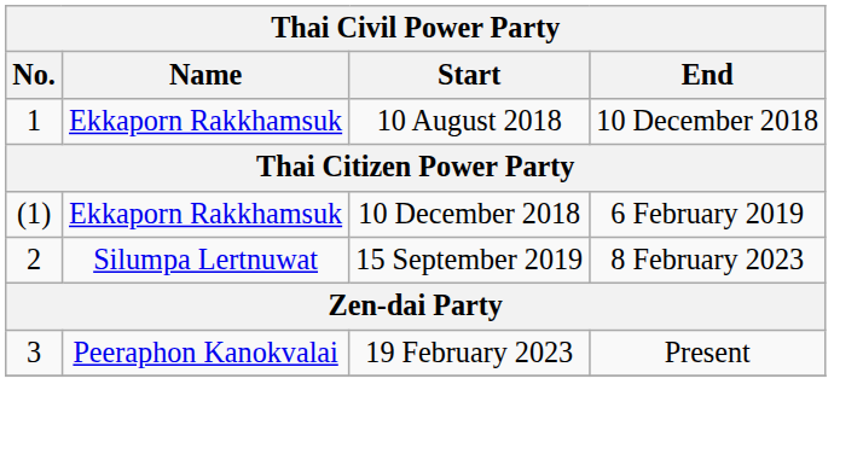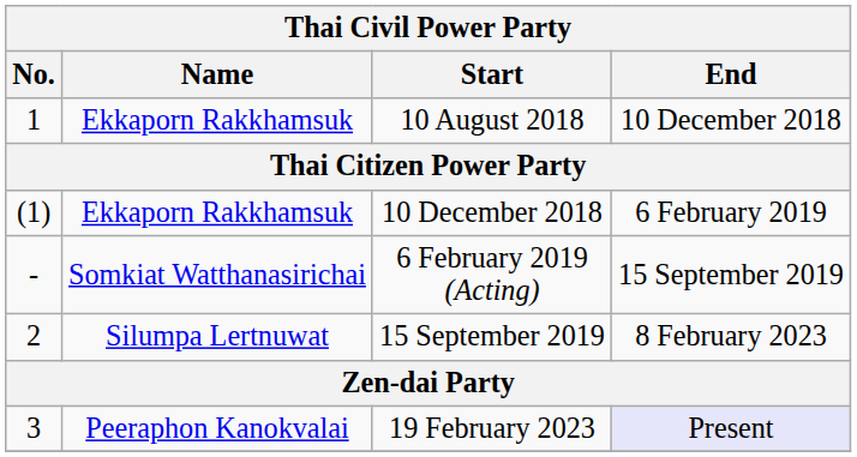 <table class="wikitable" style="font-size:100%; text-align:center;">
 <tr>
 <th colspan = "4">Thai Civil Power Party</th>
 </tr>
 <tr>
 <th>No.</th>
 <th>Name</th>
 <th>Start</th>
 <th>End</th>
 </tr>
 <tr>
 <td>1</td>
 <td><a href='#'>Ekkaporn Rakkhamsuk</a></td>
 <td>10 August 2018</td>
 <td>10 December 2018</td>
 </tr>
 <tr>
 <th colspan = "4">Thai Citizen Power Party</th>
 </tr>
 <tr>
 <td>(1)</td>
 <td><a href='#'>Ekkaporn Rakkhamsuk</a></td>
 <td>10 December 2018</td>
 <td>6 February 2019</td>
 </tr>
 <tr>
+<td>-</td>
+<td><a href='#'>Somkiat Watthanasirichai</a></td>
+<td>6 February 2019 <br> <em>(Acting)</em></td>
+<td>15 September 2019</td>
+</tr>
+<tr>
 <td>2</td>
 <td><a href='#'>Silumpa Lertnuwat</a></td>
 <td>15 September 2019</td>
 <td>8 February 2023</td>
 </tr>
 <tr>
 <th colspan = "4">Zen-dai Party</th>
 </tr>
 <tr>
 <td>3</td>
 <td><a href='#'>Peeraphon Kanokvalai</a></td>
 <td>19 February 2023</td>
-<td>Present</td>
+<td style="background: lavender;">Present</td>
 </tr>
 <tr>
 </tr>
 </table>
